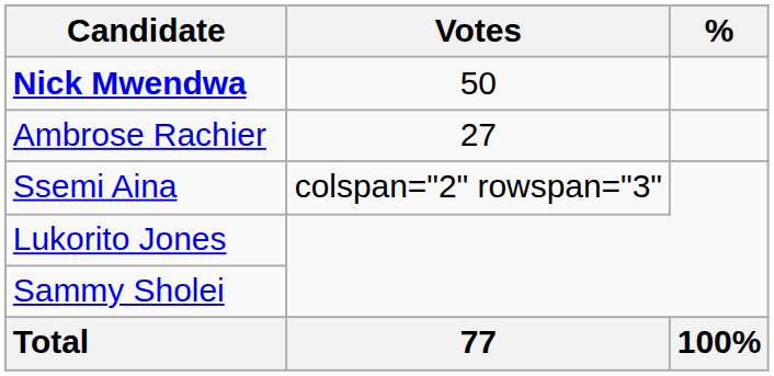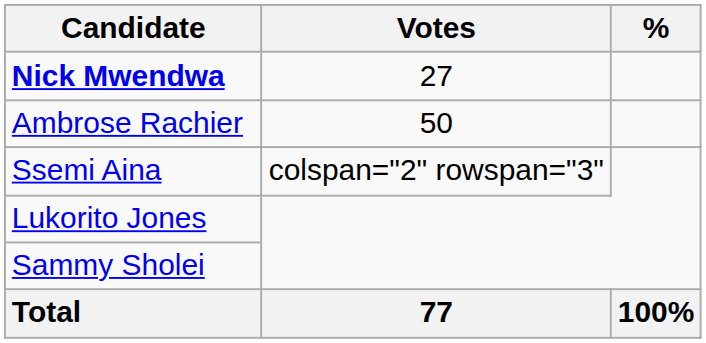 <table class="wikitable" style="text-align: center;">
 <tr>
 <th width="130">Candidate</th>
 <th>Votes</th>
 <th>%</th>
 </tr>
 <tr>
 <td style="text-align: left;"><strong><a href='#'>Nick Mwendwa</a></strong></td>
-<td>50</td>
+<td>27</td>
 <td></td>
 </tr>
 <tr>
 <td style="text-align: left;"><a href='#'>Ambrose Rachier</a></td>
-<td>27</td>
+<td>50</td>
 <td></td>
 </tr>
 <tr>
 <td style="text-align: left;"><a href='#'>Ssemi Aina</a></td>
 <td>colspan="2" rowspan="3" </td>
 </tr>
 <tr>
 <td style="text-align: left;"><a href='#'>Lukorito Jones</a></td>
 </tr>
 <tr>
 <td style="text-align: left;"><a href='#'>Sammy Sholei</a></td>
 </tr>
 <tr>
 <th style="text-align: left;">Total</th>
 <th>77</th>
 <th>100%</th>
 </tr>
 </table>
